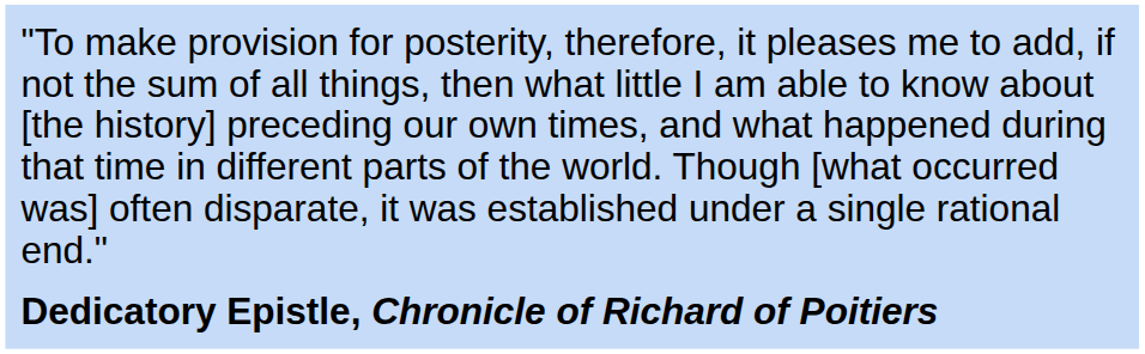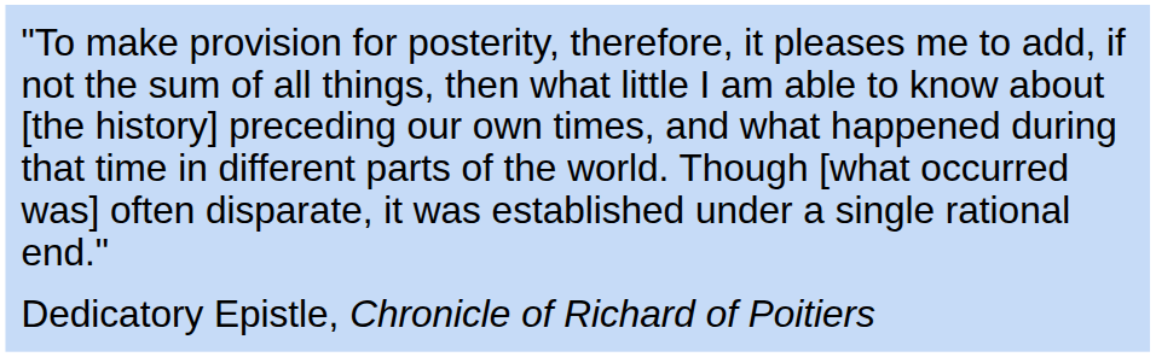 <table class="toccolours" style="float: left; margin-left: 1em; margin-right: 2em; font-size: 85%; background:#c6dbf7; color:black; width:30em; max-width: 40%;" cellspacing="5">
 <tr>
 <td style="text-align: left;">"To make provision for posterity, therefore, it pleases me to add, if not the sum of all things, then what little I am able to know about [the history] preceding our own times, and what happened during that time in different parts of the world. Though [what occurred was] often disparate, it was established under a single rational end."</td>
 </tr>
 <tr>
-<td style="text-align: left;"><strong>Dedicatory Epistle, <em>Chronicle of Richard of Poitiers</em></strong></td>
+<td style="text-align: left;">Dedicatory Epistle, <em>Chronicle of Richard of Poitiers</em></td>
 </tr>
 </table>
